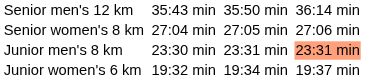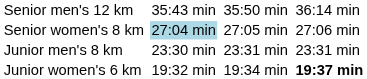 <table>
 <tr>
 <td>Senior men's 12 km</td>
 <td></td>
 <td>35:43 min</td>
 <td></td>
 <td>35:50 min</td>
 <td></td>
 <td>36:14 min</td>
 </tr>
 <tr>
 <td>Senior women's 8 km</td>
 <td></td>
-<td>27:04  min</td>
+<td style="background: lightblue;">27:04  min</td>
 <td></td>
 <td>27:05  min</td>
 <td></td>
 <td>27:06  min</td>
 </tr>
 <tr>
 <td>Junior men's 8 km</td>
 <td></td>
 <td>23:30 min</td>
 <td></td>
 <td>23:31 min</td>
 <td></td>
-<td style="background: lightsalmon;">23:31 min</td>
+<td>23:31 min</td>
 </tr>
 <tr>
 <td>Junior women's 6 km</td>
 <td></td>
 <td>19:32 min</td>
 <td></td>
 <td>19:34 min</td>
 <td></td>
-<td>19:37 min</td>
+<td><strong>19:37 min</strong></td>
 </tr>
 </table>
